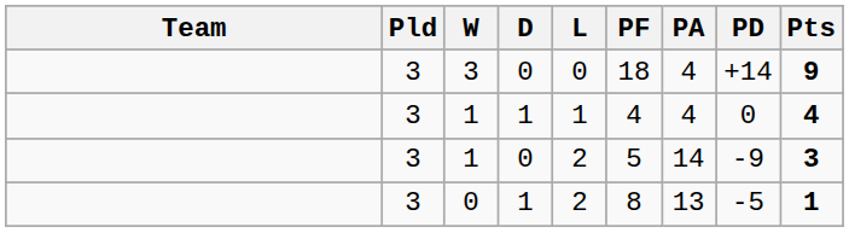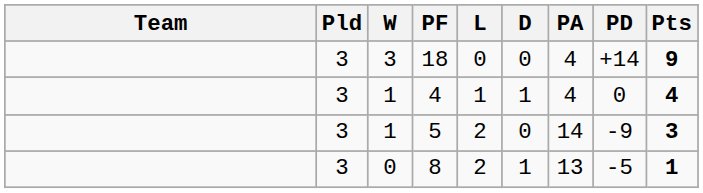 <table class="wikitable" style="text-align:center;">
 <tr>
 <th width=175>Team</th>
 <th width=20 abbr="Played">Pld</th>
 <th width=20 abbr="Won">W</th>
+<th width=20 abbr="Points for">PF</th>
+<th width=20 abbr="Lost">L</th>
 <th width=20 abbr="Drawn">D</th>
-<th width=20 abbr="Lost">L</th>
-<th width=20 abbr="Points for">PF</th>
 <th width=20 abbr="Points against">PA</th>
 <th width=25 abbr="Points difference">PD</th>
 <th width=20 abbr="Points">Pts</th>
 </tr>
 <tr>
 <td align=left></td>
 <td>3</td>
 <td>3</td>
+<td>18</td>
 <td>0</td>
 <td>0</td>
-<td>18</td>
 <td>4</td>
 <td>+14</td>
 <td><strong>9</strong></td>
 </tr>
 <tr>
 <td align=left></td>
 <td>3</td>
 <td>1</td>
+<td>4</td>
 <td>1</td>
 <td>1</td>
-<td>4</td>
 <td>4</td>
 <td>0</td>
 <td><strong>4</strong></td>
 </tr>
 <tr>
 <td align=left></td>
 <td>3</td>
 <td>1</td>
+<td>5</td>
+<td>2</td>
 <td>0</td>
-<td>2</td>
-<td>5</td>
 <td>14</td>
 <td>-9</td>
 <td><strong>3</strong></td>
 </tr>
 <tr>
 <td align=left></td>
 <td>3</td>
 <td>0</td>
+<td>8</td>
+<td>2</td>
 <td>1</td>
-<td>2</td>
-<td>8</td>
 <td>13</td>
 <td>-5</td>
 <td><strong>1</strong></td>
 </tr>
 </table>
